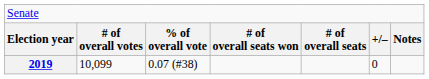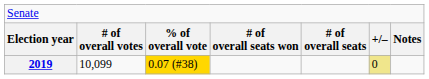 <table class=wikitable>
 <tr>
 <td colspan=7><a href='#'>Senate</a></td>
 </tr>
 <tr>
 <th>Election year</th>
 <th># of<br>overall votes</th>
 <th>% of<br>overall vote</th>
 <th># of<br>overall seats won</th>
 <th># of<br>overall seats</th>
 <th>+/–</th>
 <th>Notes</th>
 </tr>
 <tr>
 <th><a href='#'>2019</a></th>
 <td>10,099</td>
-<td>0.07 (#38)</td>
+<td style="background: gold;">0.07 (#38)</td>
 <td></td>
 <td></td>
-<td> 0</td>
+<td style="background: khaki;"> 0</td>
 <td></td>
 </tr>
 </table>
